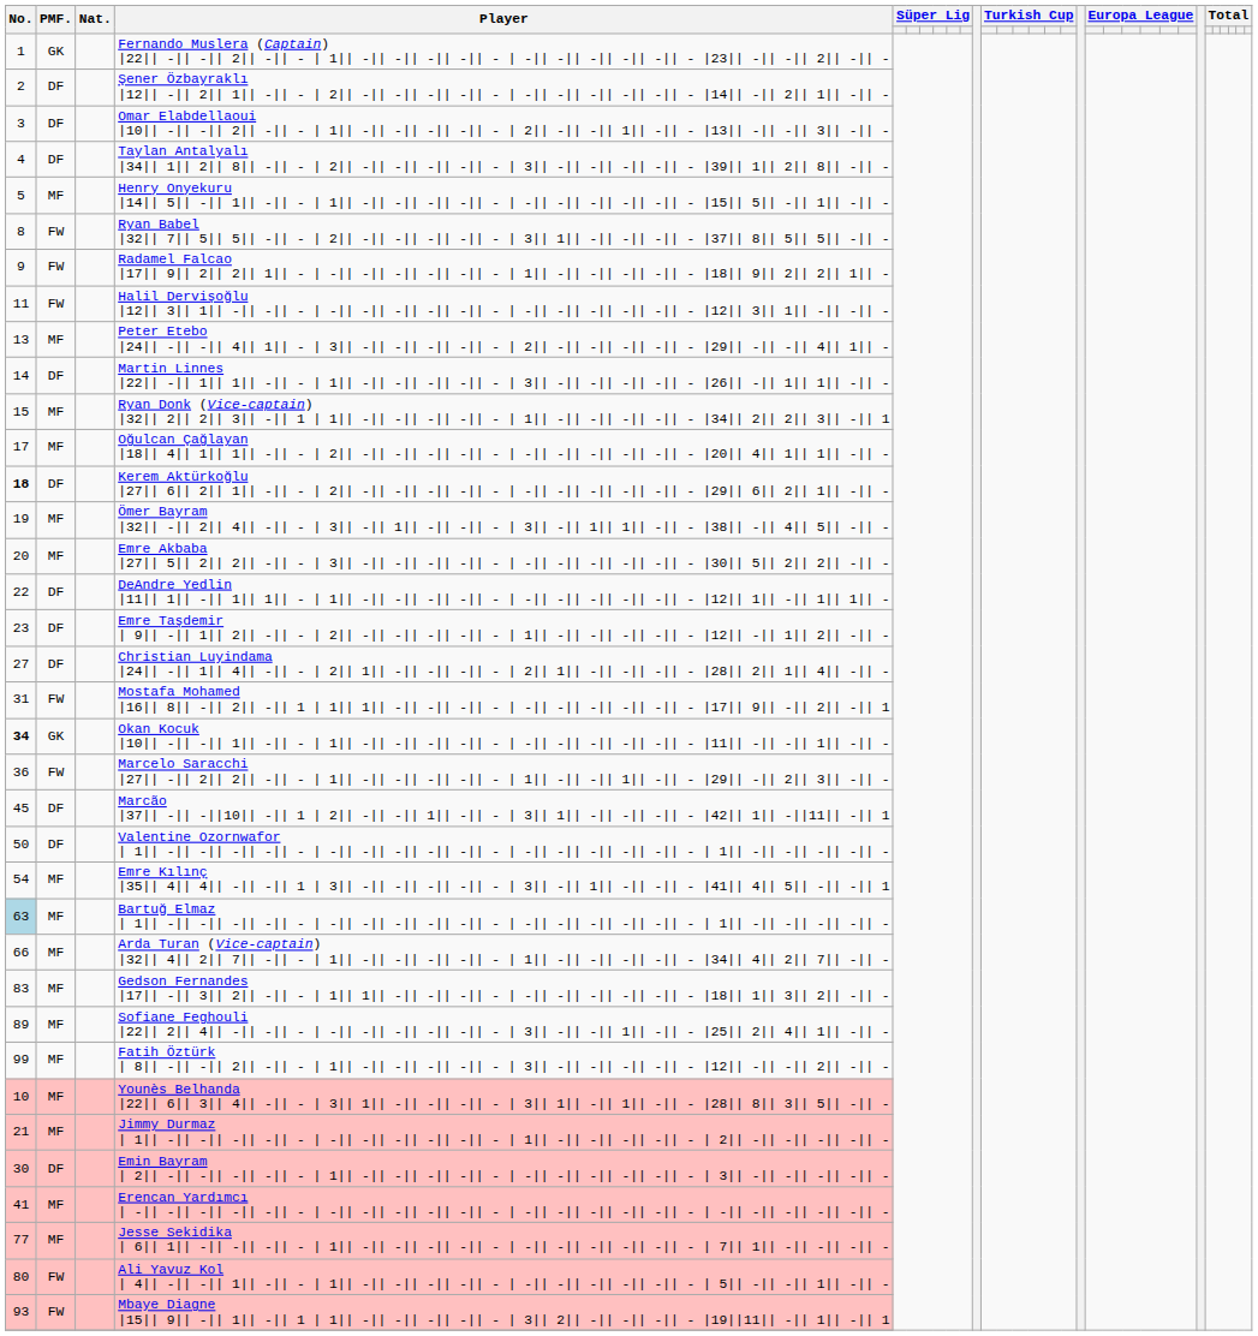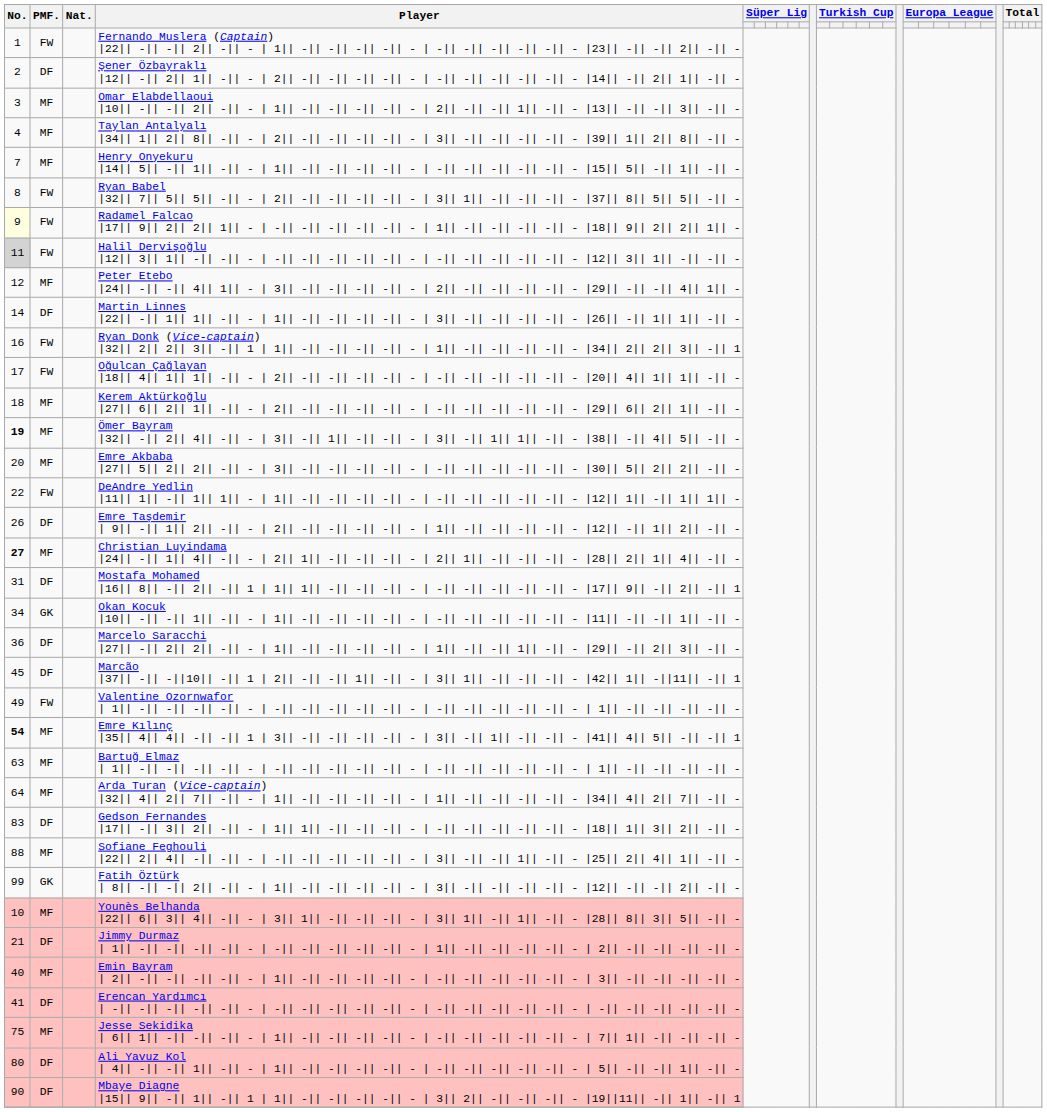 <table class="wikitable" style="text-align: center; font-size:85%;">
 <tr>
 <th rowspan="2">No.</th>
 <th rowspan="2">PMF.</th>
 <th rowspan="2">Nat.</th>
 <th rowspan="2">Player</th>
 <th colspan="6"><a href='#'>Süper Lig</a></th>
 <th rowspan="51" width="1"></th>
 <th colspan="6"><a href='#'>Turkish Cup</a></th>
 <th rowspan="51" width="1"></th>
 <th colspan="6"><a href='#'>Europa League</a></th>
 <th rowspan="51" width="1"></th>
 <th colspan="6">Total</th>
 </tr>
 <tr class="unsortable">
 <th></th>
 <th></th>
 <th></th>
 <th></th>
 <th></th>
 <th></th>
 <th></th>
 <th></th>
 <th></th>
 <th></th>
 <th></th>
 <th></th>
 <th></th>
 <th></th>
 <th></th>
 <th></th>
 <th></th>
 <th></th>
 <th></th>
 <th></th>
 <th></th>
 <th></th>
 <th></th>
 <th></th>
 </tr>
 <tr>
 <td>1</td>
-<td>GK</td>
+<td>FW</td>
 <td></td>
 <td align=left><a href='#'>Fernando Muslera</a> (<em><a href='#'>Captain</a></em>)<br>          |22|| -|| -|| 2|| -|| -         | 1|| -|| -|| -|| -|| -       | -|| -|| -|| -|| -|| -               |23|| -|| -|| 2|| -|| -</td>
 </tr>
 <tr>
 <td>2</td>
 <td>DF</td>
 <td></td>
 <td align=left><a href='#'>Şener Özbayraklı</a><br>          |12|| -|| 2|| 1|| -|| -         | 2|| -|| -|| -|| -|| -       | -|| -|| -|| -|| -|| -               |14|| -|| 2|| 1|| -|| -</td>
 </tr>
 <tr>
 <td>3</td>
-<td>DF</td>
+<td>MF</td>
 <td></td>
 <td align=left><a href='#'>Omar Elabdellaoui</a><br>          |10|| -|| -|| 2|| -|| -         | 1|| -|| -|| -|| -|| -       | 2|| -|| -|| 1|| -|| -               |13|| -|| -|| 3|| -|| -</td>
 </tr>
 <tr>
 <td>4</td>
-<td>DF</td>
+<td>MF</td>
 <td></td>
 <td align=left><a href='#'>Taylan Antalyalı</a><br>          |34|| 1|| 2|| 8|| -|| -         | 2|| -|| -|| -|| -|| -       | 3|| -|| -|| -|| -|| -               |39|| 1|| 2|| 8|| -|| -</td>
 </tr>
 <tr>
-<td>5</td>
+<td>7</td>
 <td>MF</td>
 <td></td>
 <td align=left><a href='#'>Henry Onyekuru</a><br>          |14|| 5|| -|| 1|| -|| -         | 1|| -|| -|| -|| -|| -       | -|| -|| -|| -|| -|| -               |15|| 5|| -|| 1|| -|| -</td>
 </tr>
 <tr>
 <td>8</td>
 <td>FW</td>
 <td></td>
 <td align=left><a href='#'>Ryan Babel</a><br>          |32|| 7|| 5|| 5|| -|| -         | 2|| -|| -|| -|| -|| -       | 3|| 1|| -|| -|| -|| -               |37|| 8|| 5|| 5|| -|| -</td>
 </tr>
 <tr>
-<td>9</td>
+<td style="background: lightyellow;">9</td>
 <td>FW</td>
 <td></td>
 <td align=left><a href='#'>Radamel Falcao</a><br>          |17|| 9|| 2|| 2|| 1|| -         | -|| -|| -|| -|| -|| -       | 1|| -|| -|| -|| -|| -               |18|| 9|| 2|| 2|| 1|| -</td>
 </tr>
 <tr>
-<td>11</td>
+<td style="background: lightgrey;">11</td>
 <td>FW</td>
 <td></td>
 <td align=left><a href='#'>Halil Dervişoğlu</a><br>          |12|| 3|| 1|| -|| -|| -         | -|| -|| -|| -|| -|| -       | -|| -|| -|| -|| -|| -               |12|| 3|| 1|| -|| -|| -</td>
 </tr>
 <tr>
-<td>13</td>
+<td>12</td>
 <td>MF</td>
 <td></td>
 <td align=left><a href='#'>Peter Etebo</a><br>          |24|| -|| -|| 4|| 1|| -         | 3|| -|| -|| -|| -|| -       | 2|| -|| -|| -|| -|| -               |29|| -|| -|| 4|| 1|| -</td>
 </tr>
 <tr>
 <td>14</td>
 <td>DF</td>
 <td></td>
 <td align=left><a href='#'>Martin Linnes</a><br>          |22|| -|| 1|| 1|| -|| -         | 1|| -|| -|| -|| -|| -       | 3|| -|| -|| -|| -|| -               |26|| -|| 1|| 1|| -|| -</td>
 </tr>
 <tr>
-<td>15</td>
-<td>MF</td>
+<td>16</td>
+<td>FW</td>
 <td></td>
 <td align=left><a href='#'>Ryan Donk</a>  (<em><a href='#'>Vice-captain</a></em>)<br>          |32|| 2|| 2|| 3|| -|| 1         | 1|| -|| -|| -|| -|| -       | 1|| -|| -|| -|| -|| -               |34|| 2|| 2|| 3|| -|| 1</td>
 </tr>
 <tr>
 <td>17</td>
-<td>MF</td>
+<td>FW</td>
 <td></td>
 <td align=left><a href='#'>Oğulcan Çağlayan</a><br>          |18|| 4|| 1|| 1|| -|| -         | 2|| -|| -|| -|| -|| -       | -|| -|| -|| -|| -|| -               |20|| 4|| 1|| 1|| -|| -</td>
 </tr>
 <tr>
-<td><strong>18</strong></td>
-<td>DF</td>
+<td>18</td>
+<td>MF</td>
 <td></td>
 <td align=left><a href='#'>Kerem Aktürkoğlu</a><br>          |27|| 6|| 2|| 1|| -|| -         | 2|| -|| -|| -|| -|| -       | -|| -|| -|| -|| -|| -               |29|| 6|| 2|| 1|| -|| -</td>
 </tr>
 <tr>
-<td>19</td>
+<td><strong>19</strong></td>
 <td>MF</td>
 <td></td>
 <td align=left><a href='#'>Ömer Bayram</a><br>          |32|| -|| 2|| 4|| -|| -         | 3|| -|| 1|| -|| -|| -       | 3|| -|| 1|| 1|| -|| -               |38|| -|| 4|| 5|| -|| -</td>
 </tr>
 <tr>
 <td>20</td>
 <td>MF</td>
 <td></td>
 <td align=left><a href='#'>Emre Akbaba</a><br>          |27|| 5|| 2|| 2|| -|| -         | 3|| -|| -|| -|| -|| -       | -|| -|| -|| -|| -|| -               |30|| 5|| 2|| 2|| -|| -</td>
 </tr>
 <tr>
 <td>22</td>
-<td>DF</td>
+<td>FW</td>
 <td></td>
 <td align=left><a href='#'>DeAndre Yedlin</a><br>          |11|| 1|| -|| 1|| 1|| -         | 1|| -|| -|| -|| -|| -       | -|| -|| -|| -|| -|| -               |12|| 1|| -|| 1|| 1|| -</td>
 </tr>
 <tr>
-<td>23</td>
+<td>26</td>
 <td>DF</td>
 <td></td>
 <td align=left><a href='#'>Emre Taşdemir</a><br>          | 9|| -|| 1|| 2|| -|| -         | 2|| -|| -|| -|| -|| -       | 1|| -|| -|| -|| -|| -               |12|| -|| 1|| 2|| -|| -</td>
 </tr>
 <tr>
-<td>27</td>
-<td>DF</td>
+<td><strong>27</strong></td>
+<td>MF</td>
 <td></td>
 <td align=left><a href='#'>Christian Luyindama</a><br>          |24|| -|| 1|| 4|| -|| -         | 2|| 1|| -|| -|| -|| -       | 2|| 1|| -|| -|| -|| -               |28|| 2|| 1|| 4|| -|| -</td>
 </tr>
 <tr>
 <td>31</td>
-<td>FW</td>
+<td>DF</td>
 <td></td>
 <td align=left><a href='#'>Mostafa Mohamed</a><br>          |16|| 8|| -|| 2|| -|| 1         | 1|| 1|| -|| -|| -|| -       | -|| -|| -|| -|| -|| -               |17|| 9|| -|| 2|| -|| 1</td>
 </tr>
 <tr>
-<td><strong>34</strong></td>
+<td>34</td>
 <td>GK</td>
 <td></td>
 <td align=left><a href='#'>Okan Kocuk</a><br>          |10|| -|| -|| 1|| -|| -         | 1|| -|| -|| -|| -|| -       | -|| -|| -|| -|| -|| -               |11|| -|| -|| 1|| -|| -</td>
 </tr>
 <tr>
 <td>36</td>
-<td>FW</td>
+<td>DF</td>
 <td></td>
 <td align=left><a href='#'>Marcelo Saracchi</a><br>          |27|| -|| 2|| 2|| -|| -         | 1|| -|| -|| -|| -|| -       | 1|| -|| -|| 1|| -|| -               |29|| -|| 2|| 3|| -|| -</td>
 </tr>
 <tr>
 <td>45</td>
 <td>DF</td>
 <td></td>
 <td align=left><a href='#'>Marcão</a><br>          |37|| -|| -||10|| -|| 1         | 2|| -|| -|| 1|| -|| -       | 3|| 1|| -|| -|| -|| -               |42|| 1|| -||11|| -|| 1</td>
 </tr>
 <tr>
-<td>50</td>
-<td>DF</td>
+<td>49</td>
+<td>FW</td>
 <td></td>
 <td align=left><a href='#'>Valentine Ozornwafor</a><br>          | 1|| -|| -|| -|| -|| -         | -|| -|| -|| -|| -|| -       | -|| -|| -|| -|| -|| -               | 1|| -|| -|| -|| -|| -</td>
 </tr>
 <tr>
-<td>54</td>
+<td><strong>54</strong></td>
 <td>MF</td>
 <td></td>
 <td align=left><a href='#'>Emre Kılınç</a><br>          |35|| 4|| 4|| -|| -|| 1         | 3|| -|| -|| -|| -|| -       | 3|| -|| 1|| -|| -|| -               |41|| 4|| 5|| -|| -|| 1</td>
 </tr>
 <tr>
-<td style="background: lightblue;">63</td>
+<td>63</td>
 <td>MF</td>
 <td></td>
 <td align=left><a href='#'>Bartuğ Elmaz</a><br>          | 1|| -|| -|| -|| -|| -         | -|| -|| -|| -|| -|| -       | -|| -|| -|| -|| -|| -               | 1|| -|| -|| -|| -|| -</td>
 </tr>
 <tr>
-<td>66</td>
+<td>64</td>
 <td>MF</td>
 <td></td>
 <td align=left><a href='#'>Arda Turan</a> (<em><a href='#'>Vice-captain</a></em>)<br>          |32|| 4|| 2|| 7|| -|| -         | 1|| -|| -|| -|| -|| -       | 1|| -|| -|| -|| -|| -               |34|| 4|| 2|| 7|| -|| -</td>
 </tr>
 <tr>
 <td>83</td>
-<td>MF</td>
+<td>DF</td>
 <td></td>
 <td align=left><a href='#'>Gedson Fernandes</a><br>          |17|| -|| 3|| 2|| -|| -         | 1|| 1|| -|| -|| -|| -       | -|| -|| -|| -|| -|| -               |18|| 1|| 3|| 2|| -|| -</td>
 </tr>
 <tr>
-<td>89</td>
+<td>88</td>
 <td>MF</td>
 <td></td>
 <td align=left><a href='#'>Sofiane Feghouli</a><br>          |22|| 2|| 4|| -|| -|| -         | -|| -|| -|| -|| -|| -       | 3|| -|| -|| 1|| -|| -               |25|| 2|| 4|| 1|| -|| -</td>
 </tr>
 <tr>
 <td>99</td>
-<td>MF</td>
+<td>GK</td>
 <td></td>
 <td align=left><a href='#'>Fatih Öztürk</a><br>          | 8|| -|| -|| 2|| -|| -         | 1|| -|| -|| -|| -|| -       | 3|| -|| -|| -|| -|| -               |12|| -|| -|| 2|| -|| -</td>
 </tr>
 <tr bgcolor=#ffchch>
 <td>10</td>
 <td>MF</td>
 <td></td>
 <td align=left><a href='#'>Younès Belhanda</a><br>          |22|| 6|| 3|| 4|| -|| -         | 3|| 1|| -|| -|| -|| -       | 3|| 1|| -|| 1|| -|| -               |28|| 8|| 3|| 5|| -|| -</td>
 </tr>
 <tr bgcolor=#ffchch>
 <td>21</td>
-<td>MF</td>
+<td>DF</td>
 <td></td>
 <td align=left><a href='#'>Jimmy Durmaz</a><br>          | 1|| -|| -|| -|| -|| -         | -|| -|| -|| -|| -|| -       | 1|| -|| -|| -|| -|| -               | 2|| -|| -|| -|| -|| -</td>
 </tr>
 <tr bgcolor=#ffchch>
-<td>30</td>
-<td>DF</td>
+<td>40</td>
+<td>MF</td>
 <td></td>
 <td align=left><a href='#'>Emin Bayram</a><br>          | 2|| -|| -|| -|| -|| -         | 1|| -|| -|| -|| -|| -       | -|| -|| -|| -|| -|| -               | 3|| -|| -|| -|| -|| -</td>
 </tr>
 <tr bgcolor=#ffchch>
 <td>41</td>
-<td>MF</td>
+<td>DF</td>
 <td></td>
 <td align=left><a href='#'>Erencan Yardımcı</a><br>          | -|| -|| -|| -|| -|| -         | -|| -|| -|| -|| -|| -       | -|| -|| -|| -|| -|| -               | -|| -|| -|| -|| -|| -</td>
 </tr>
 <tr bgcolor=#ffchch>
-<td>77</td>
+<td>75</td>
 <td>MF</td>
 <td></td>
 <td align=left><a href='#'>Jesse Sekidika</a><br>          | 6|| 1|| -|| -|| -|| -         | 1|| -|| -|| -|| -|| -       | -|| -|| -|| -|| -|| -               | 7|| 1|| -|| -|| -|| -</td>
 </tr>
 <tr bgcolor=#ffchch>
 <td>80</td>
-<td>FW</td>
+<td>DF</td>
 <td></td>
 <td align=left><a href='#'>Ali Yavuz Kol</a><br>          | 4|| -|| -|| 1|| -|| -         | 1|| -|| -|| -|| -|| -       | -|| -|| -|| -|| -|| -               | 5|| -|| -|| 1|| -|| -</td>
 </tr>
 <tr bgcolor=#ffchch>
-<td>93</td>
-<td>FW</td>
+<td>90</td>
+<td>DF</td>
 <td></td>
 <td align=left><a href='#'>Mbaye Diagne</a><br>          |15|| 9|| -|| 1|| -|| 1         | 1|| -|| -|| -|| -|| -       | 3|| 2|| -|| -|| -|| -               |19||11|| -|| 1|| -|| 1</td>
 </tr>
 <tr>
 </tr>
 </table>
